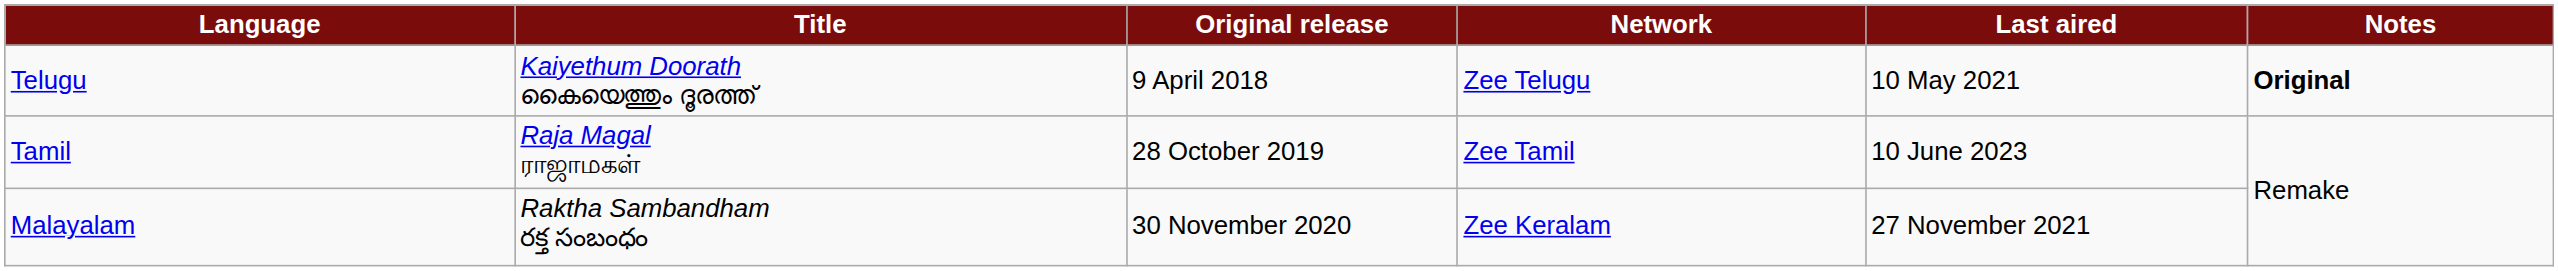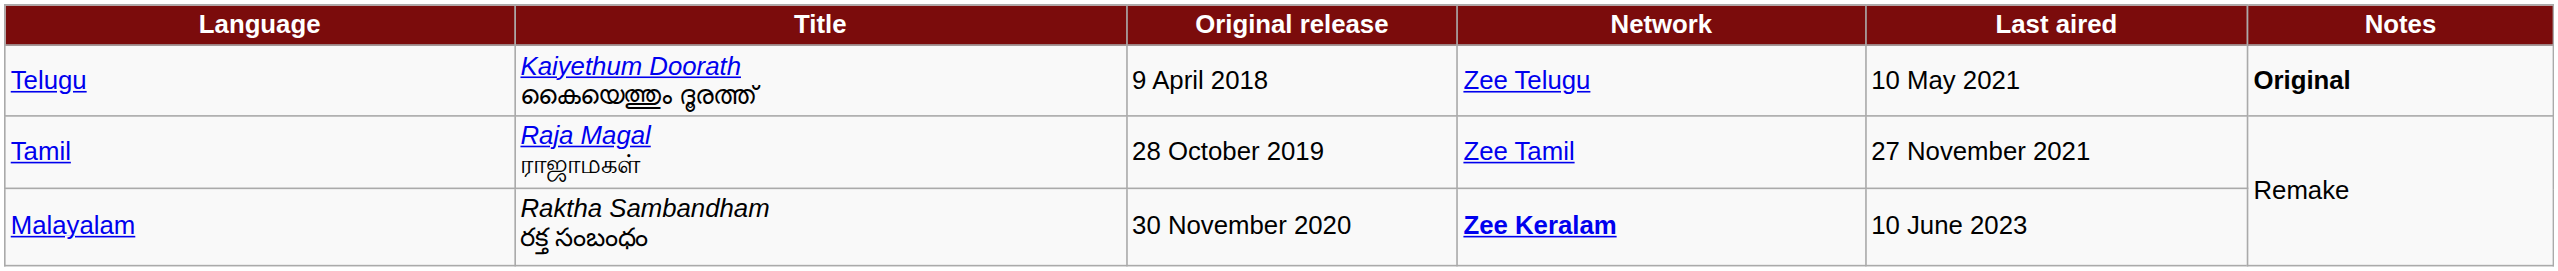 <table class="wikitable sortable" style="width:100%; margin-right: 0;">
 <tr style="color:white">
 <th style="background:#7b0c0c; width:20%;">Language</th>
 <th style="background:#7b0c0c; width:24%;">Title</th>
 <th style="background:#7b0c0c; width:13%;">Original release</th>
 <th style="background:#7b0c0c; width:16%;">Network</th>
 <th style="background:#7b0c0c; width:15%;">Last aired</th>
 <th style="background:#7b0c0c; width:17%;">Notes</th>
 </tr>
 <tr>
 <td><a href='#'>Telugu</a></td>
 <td><em><a href='#'>Kaiyethum Doorath</a></em> <br> കൈയെത്തും ദൂരത്ത്</td>
 <td>9 April 2018</td>
 <td><a href='#'>Zee Telugu</a></td>
 <td>10 May 2021</td>
 <td><strong>Original</strong></td>
 </tr>
 <tr>
 <td><a href='#'>Tamil</a></td>
 <td><em><a href='#'>Raja Magal</a></em> <br> ராஜாமகள்</td>
 <td>28 October 2019</td>
 <td><a href='#'>Zee Tamil</a></td>
-<td>10 June 2023</td>
+<td>27 November 2021</td>
 <td rowspan="2">Remake</td>
 </tr>
 <tr>
 <td><a href='#'>Malayalam</a></td>
 <td><em>Raktha Sambandham</em> <br> రక్త సంబంధం</td>
 <td>30 November 2020</td>
-<td><a href='#'>Zee Keralam</a></td>
-<td>27 November 2021</td>
+<td><strong><a href='#'>Zee Keralam</a></strong></td>
+<td>10 June 2023</td>
 </tr>
 </table>
